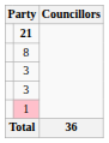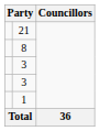 <table class="wikitable">
 <tr>
 <th colspan=2>Party</th>
 <th>Councillors</th>
 </tr>
 <tr>
 <td></td>
-<td align=center><strong>21</strong></td>
+<td align=center>21</td>
 </tr>
 <tr>
 <td></td>
 <td align=center>8</td>
 </tr>
 <tr>
 <td></td>
 <td align=center>3</td>
 </tr>
 <tr>
 <td></td>
 <td align=center>3</td>
 </tr>
 <tr>
 <td></td>
-<td align=center style="background: pink;">1</td>
+<td align=center>1</td>
 </tr>
 <tr>
 <th colspan=2>Total</th>
 <th align=center>36</th>
 </tr>
 </table>
